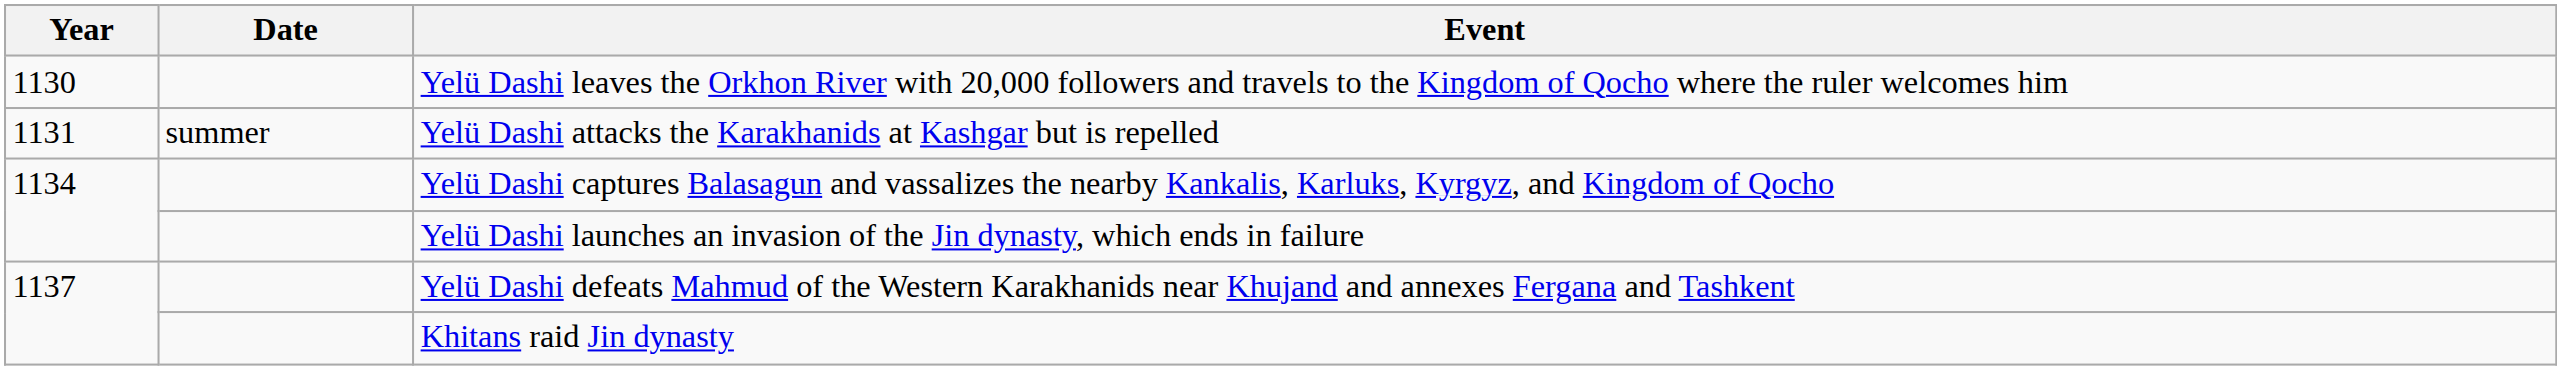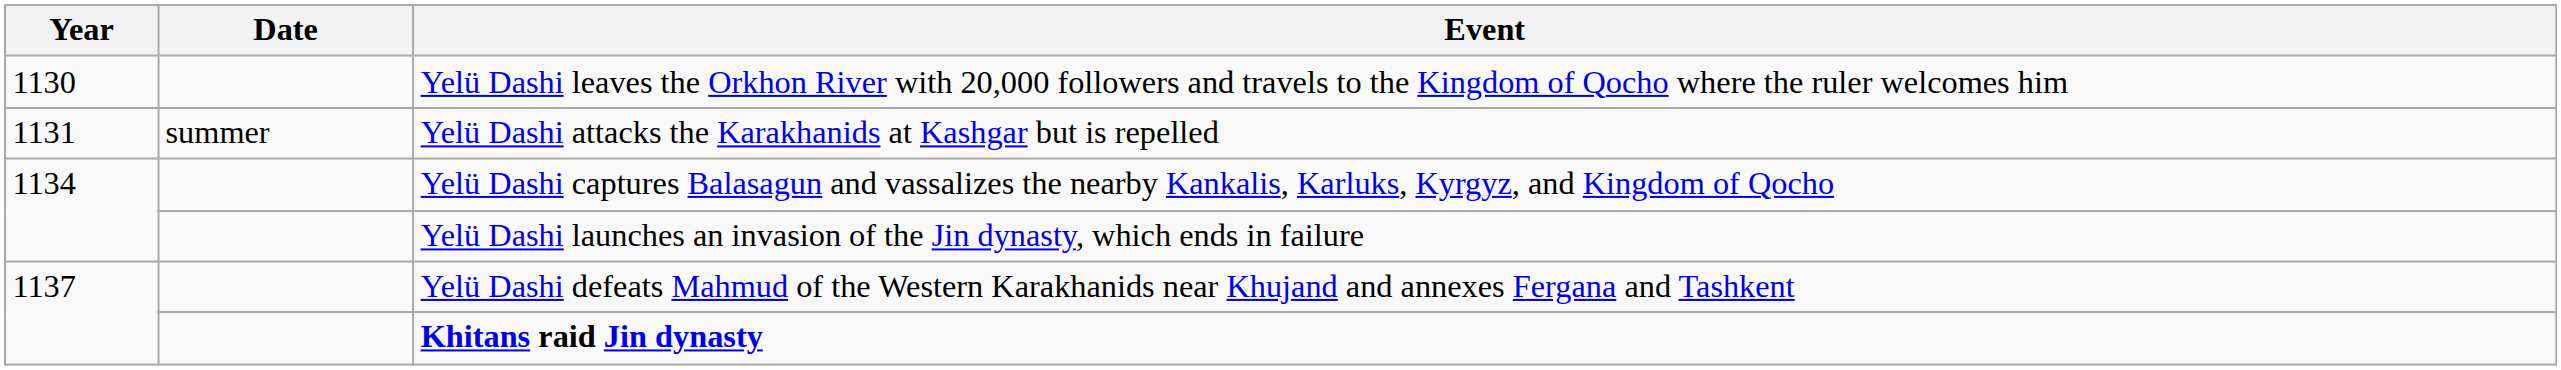 <table class="wikitable" width="100%">
 <tr>
 <th style="width:6%">Year</th>
 <th style="width:10%">Date</th>
 <th>Event</th>
 </tr>
 <tr>
 <td>1130</td>
 <td></td>
 <td><a href='#'>Yelü Dashi</a> leaves the <a href='#'>Orkhon River</a> with 20,000 followers and travels to the <a href='#'>Kingdom of Qocho</a> where the ruler welcomes him</td>
 </tr>
 <tr>
 <td>1131</td>
 <td>summer</td>
 <td><a href='#'>Yelü Dashi</a> attacks the <a href='#'>Karakhanids</a> at <a href='#'>Kashgar</a> but is repelled</td>
 </tr>
 <tr>
 <td rowspan="2" valign="top">1134</td>
 <td></td>
 <td><a href='#'>Yelü Dashi</a> captures <a href='#'>Balasagun</a> and vassalizes the nearby <a href='#'>Kankalis</a>, <a href='#'>Karluks</a>, <a href='#'>Kyrgyz</a>, and <a href='#'>Kingdom of Qocho</a></td>
 </tr>
 <tr>
 <td></td>
 <td><a href='#'>Yelü Dashi</a> launches an invasion of the <a href='#'>Jin dynasty</a>, which ends in failure</td>
 </tr>
 <tr>
 <td rowspan="2" valign="top">1137</td>
 <td></td>
 <td><a href='#'>Yelü Dashi</a> defeats <a href='#'>Mahmud</a> of the Western Karakhanids near <a href='#'>Khujand</a> and annexes <a href='#'>Fergana</a> and <a href='#'>Tashkent</a></td>
 </tr>
 <tr>
 <td></td>
-<td><a href='#'>Khitans</a> raid <a href='#'>Jin dynasty</a></td>
+<td><strong><a href='#'>Khitans</a> raid <a href='#'>Jin dynasty</a></strong></td>
 </tr>
 </table>
